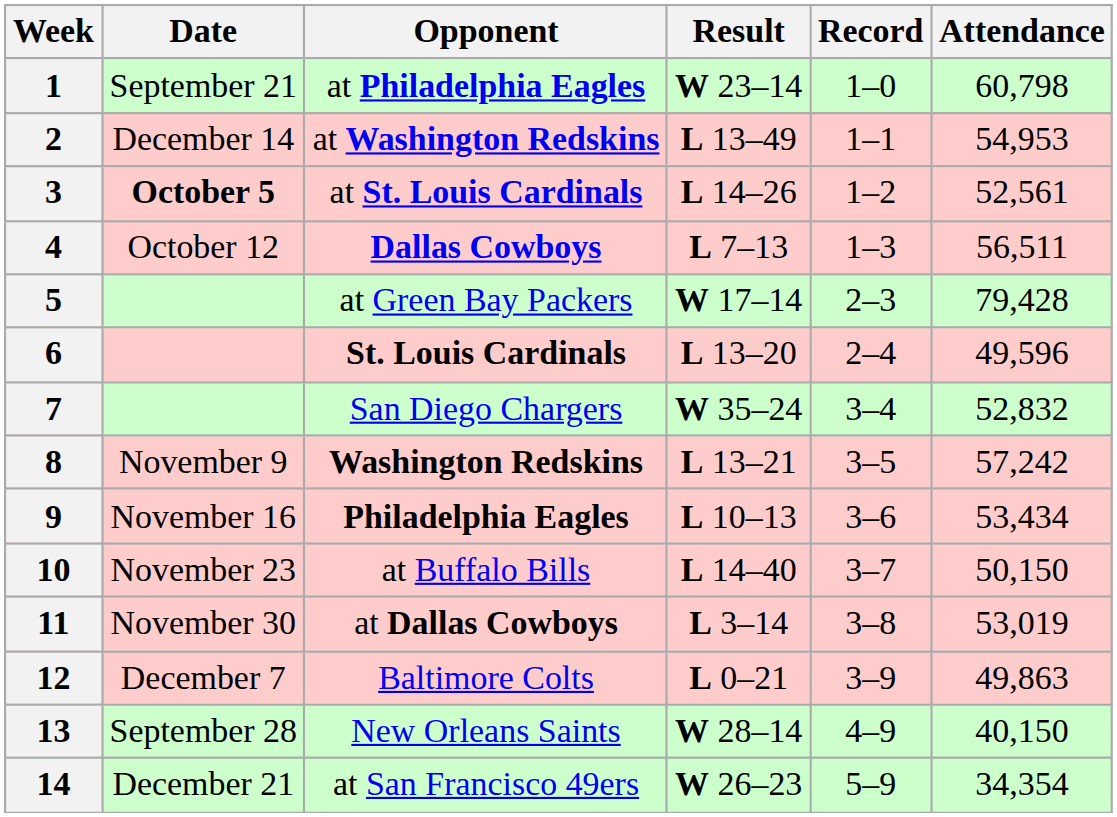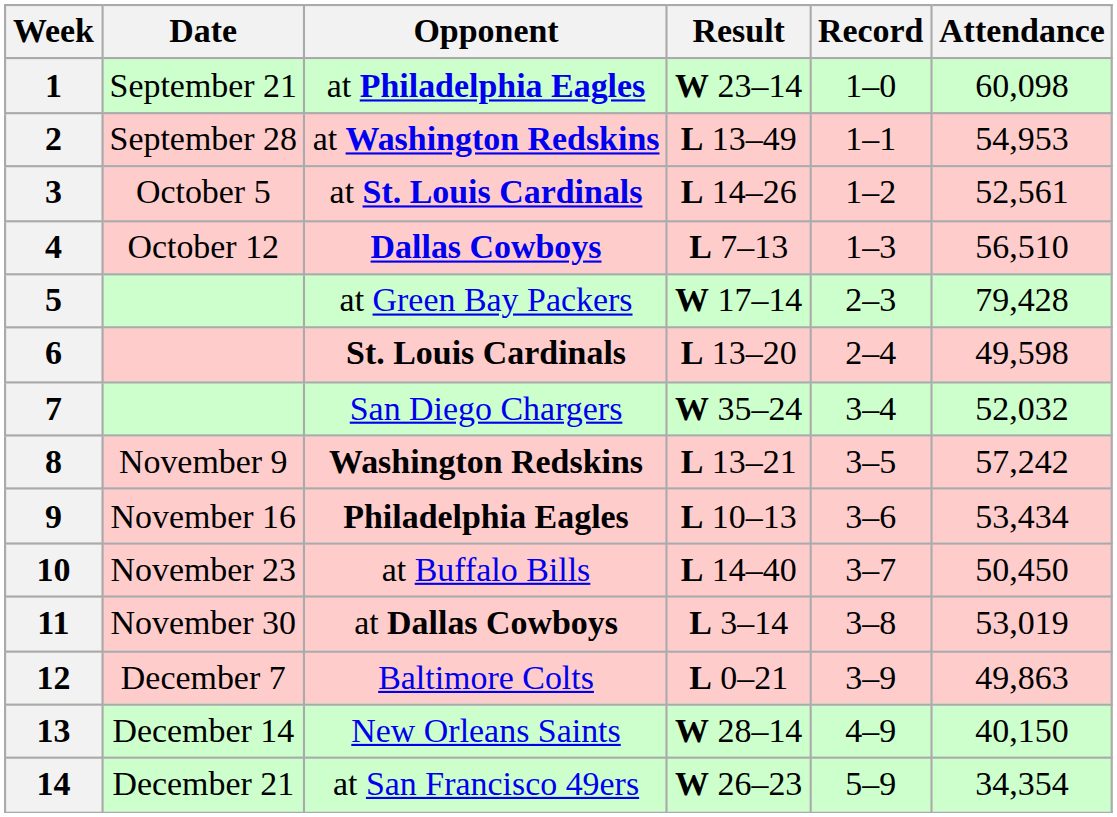 <table class="wikitable" style="text-align:center">
 <tr>
 <th>Week</th>
 <th>Date</th>
 <th>Opponent</th>
 <th>Result</th>
 <th>Record</th>
 <th>Attendance</th>
 </tr>
 <tr style="background:#cfc">
 <th>1</th>
 <td>September 21</td>
 <td>at <strong><a href='#'>Philadelphia Eagles</a></strong></td>
 <td><strong>W</strong> 23–14</td>
 <td>1–0</td>
-<td>60,798</td>
+<td>60,098</td>
 </tr>
 <tr style="background:#fcc">
 <th>2</th>
-<td>December 14</td>
+<td>September 28</td>
 <td>at <strong><a href='#'>Washington Redskins</a></strong></td>
 <td><strong>L</strong> 13–49</td>
 <td>1–1</td>
 <td>54,953</td>
 </tr>
 <tr style="background:#fcc">
 <th>3</th>
-<td><strong>October 5</strong></td>
+<td>October 5</td>
 <td>at <strong><a href='#'>St. Louis Cardinals</a></strong></td>
 <td><strong>L</strong> 14–26</td>
 <td>1–2</td>
 <td>52,561</td>
 </tr>
 <tr style="background:#fcc">
 <th>4</th>
 <td>October 12</td>
 <td><strong><a href='#'>Dallas Cowboys</a></strong></td>
 <td><strong>L</strong> 7–13</td>
 <td>1–3</td>
-<td>56,511</td>
+<td>56,510</td>
 </tr>
 <tr style="background:#cfc">
 <th>5</th>
 <td></td>
 <td>at <a href='#'>Green Bay Packers</a></td>
 <td><strong>W</strong> 17–14</td>
 <td>2–3</td>
 <td>79,428</td>
 </tr>
 <tr style="background:#fcc">
 <th>6</th>
 <td></td>
 <td><strong>St. Louis Cardinals</strong></td>
 <td><strong>L</strong> 13–20</td>
 <td>2–4</td>
-<td>49,596</td>
+<td>49,598</td>
 </tr>
 <tr style="background:#cfc">
 <th>7</th>
 <td></td>
 <td><a href='#'>San Diego Chargers</a></td>
 <td><strong>W</strong> 35–24</td>
 <td>3–4</td>
-<td>52,832</td>
+<td>52,032</td>
 </tr>
 <tr style="background:#fcc">
 <th>8</th>
 <td>November 9</td>
 <td><strong>Washington Redskins</strong></td>
 <td><strong>L</strong> 13–21</td>
 <td>3–5</td>
 <td>57,242</td>
 </tr>
 <tr style="background:#fcc">
 <th>9</th>
 <td>November 16</td>
 <td><strong>Philadelphia Eagles</strong></td>
 <td><strong>L</strong> 10–13</td>
 <td>3–6</td>
 <td>53,434</td>
 </tr>
 <tr style="background:#fcc">
 <th>10</th>
 <td>November 23</td>
 <td>at <a href='#'>Buffalo Bills</a></td>
 <td><strong>L</strong> 14–40</td>
 <td>3–7</td>
-<td>50,150</td>
+<td>50,450</td>
 </tr>
 <tr style="background:#fcc">
 <th>11</th>
 <td>November 30</td>
 <td>at <strong>Dallas Cowboys</strong></td>
 <td><strong>L</strong> 3–14</td>
 <td>3–8</td>
 <td>53,019</td>
 </tr>
 <tr style="background:#fcc">
 <th>12</th>
 <td>December 7</td>
 <td><a href='#'>Baltimore Colts</a></td>
 <td><strong>L</strong> 0–21</td>
 <td>3–9</td>
 <td>49,863</td>
 </tr>
 <tr style="background:#cfc">
 <th>13</th>
-<td>September 28</td>
+<td>December 14</td>
 <td><a href='#'>New Orleans Saints</a></td>
 <td><strong>W</strong> 28–14</td>
 <td>4–9</td>
 <td>40,150</td>
 </tr>
 <tr style="background:#cfc">
 <th>14</th>
 <td>December 21</td>
 <td>at <a href='#'>San Francisco 49ers</a></td>
 <td><strong>W</strong> 26–23</td>
 <td>5–9</td>
 <td>34,354</td>
 </tr>
 </table>
